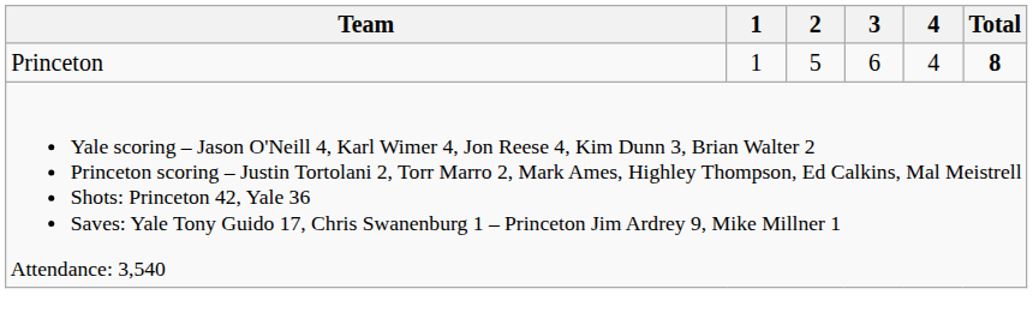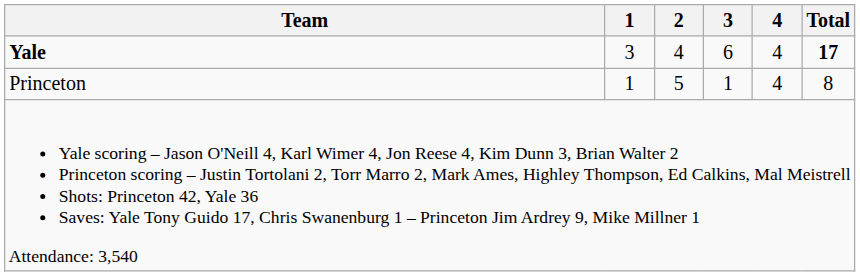 <table class="wikitable" style="text-align:center; max-width:45em">
 <tr>
 <th>Team</th>
 <th style="width:2em">1</th>
 <th style="width:2em">2</th>
 <th style="width:2em">3</th>
 <th style="width:2em">4</th>
 <th style="width:2em">Total</th>
 </tr>
 <tr>
+<td style="text-align:left"><strong>Yale</strong></td>
+<td>3</td>
+<td>4</td>
+<td>6</td>
+<td>4</td>
+<td><strong>17</strong></td>
+</tr>
+<tr>
 <td style="text-align:left">Princeton</td>
 <td>1</td>
 <td>5</td>
-<td>6</td>
+<td>1</td>
 <td>4</td>
-<td><strong>8</strong></td>
+<td>8</td>
 </tr>
 <tr>
 <td colspan=6 style="text-align:left; font-size:88%;"><br><ul><li>Yale scoring – Jason O'Neill 4, Karl Wimer 4, Jon Reese 4, Kim Dunn 3, Brian Walter 2</li><li>Princeton scoring – Justin Tortolani 2, Torr Marro 2, Mark Ames, Highley Thompson, Ed Calkins, Mal Meistrell</li><li>Shots: Princeton 42, Yale 36</li><li>Saves: Yale Tony Guido 17, Chris Swanenburg 1 – Princeton Jim Ardrey 9, Mike Millner 1</li></ul>Attendance: 3,540 </td>
 </tr>
 </table>
